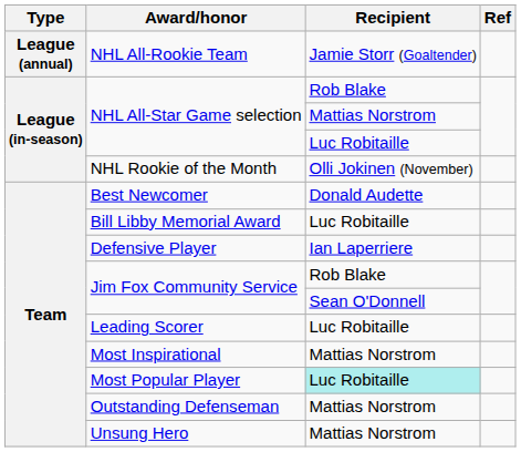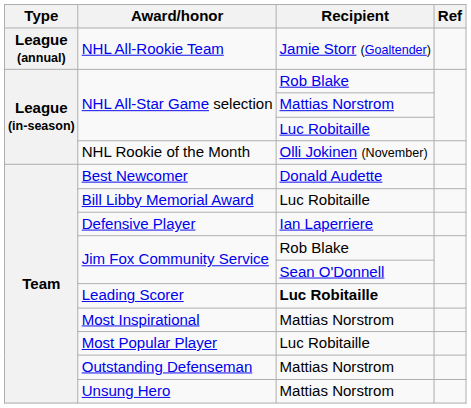 <table class="wikitable">
 <tr>
 <th scope="col">Type</th>
 <th scope="col">Award/honor</th>
 <th scope="col">Recipient</th>
 <th scope="col">Ref</th>
 </tr>
 <tr>
 <th scope="row">League<br><small>(annual)</small></th>
 <td><a href='#'>NHL All-Rookie Team</a></td>
 <td><a href='#'>Jamie Storr</a> <small>(<a href='#'>Goaltender</a>)</small></td>
 <td></td>
 </tr>
 <tr>
 <th scope="row" rowspan="4">League<br><small>(in-season)</small></th>
 <td rowspan="3"><a href='#'>NHL All-Star Game</a> selection</td>
 <td><a href='#'>Rob Blake</a></td>
 <td rowspan="3"></td>
 </tr>
 <tr>
 <td><a href='#'>Mattias Norstrom</a></td>
 </tr>
 <tr>
 <td><a href='#'>Luc Robitaille</a></td>
 </tr>
 <tr>
 <td>NHL Rookie of the Month</td>
 <td><a href='#'>Olli Jokinen</a> <small>(November)</small></td>
 <td></td>
 </tr>
 <tr>
 <th scope="row" rowspan="11">Team</th>
 <td><a href='#'>Best Newcomer</a></td>
 <td><a href='#'>Donald Audette</a></td>
 <td></td>
 </tr>
 <tr>
 <td><a href='#'>Bill Libby Memorial Award</a></td>
 <td>Luc Robitaille</td>
 <td></td>
 </tr>
 <tr>
 <td><a href='#'>Defensive Player</a></td>
 <td><a href='#'>Ian Laperriere</a></td>
 <td></td>
 </tr>
 <tr>
 <td rowspan="2"><a href='#'>Jim Fox Community Service</a></td>
 <td>Rob Blake</td>
 <td rowspan="2"></td>
 </tr>
 <tr>
 <td><a href='#'>Sean O'Donnell</a></td>
 </tr>
 <tr>
 <td><a href='#'>Leading Scorer</a></td>
-<td>Luc Robitaille</td>
+<td><strong>Luc Robitaille</strong></td>
 <td></td>
 </tr>
 <tr>
 <td><a href='#'>Most Inspirational</a></td>
 <td>Mattias Norstrom</td>
 <td></td>
 </tr>
 <tr>
 <td><a href='#'>Most Popular Player</a></td>
-<td style="background: paleturquoise;">Luc Robitaille</td>
+<td>Luc Robitaille</td>
 <td></td>
 </tr>
 <tr>
 <td><a href='#'>Outstanding Defenseman</a></td>
 <td>Mattias Norstrom</td>
 <td></td>
 </tr>
 <tr>
 <td><a href='#'>Unsung Hero</a></td>
 <td>Mattias Norstrom</td>
 <td></td>
 </tr>
 </table>
